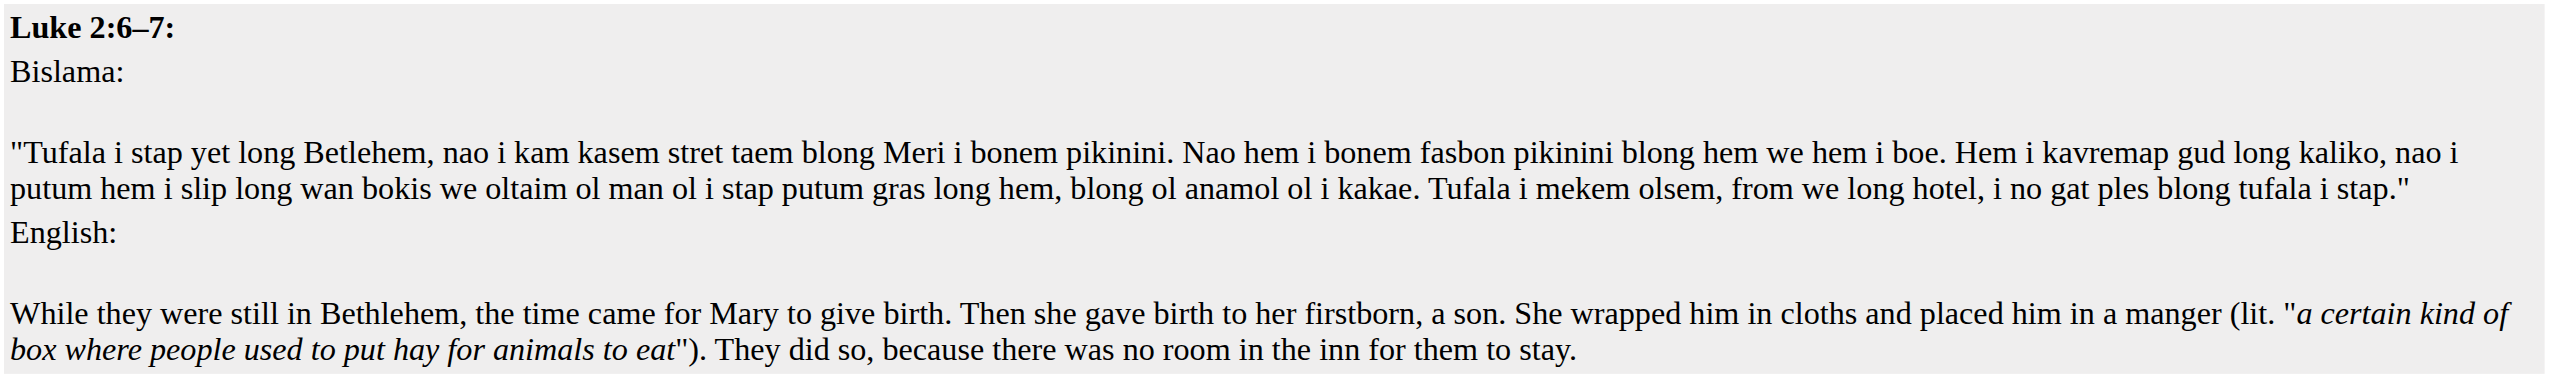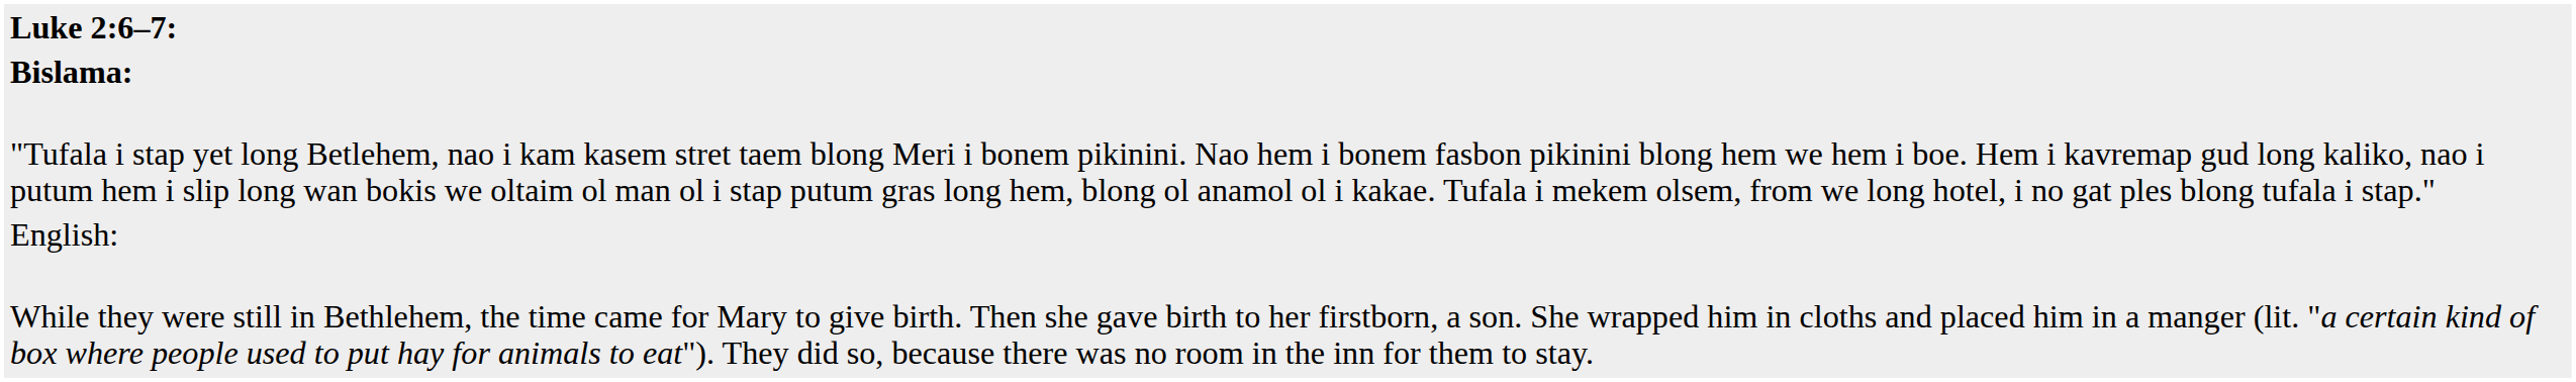 <table bgcolor="#efeeee">
 <tr ---->
 <td><strong>Luke 2:6–7:</strong></td>
 </tr>
 <tr ---->
-<td>Bislama:</td>
+<td><strong>Bislama:</strong></td>
 </tr>
 <tr ---->
 <td><br>"Tufala i stap yet long Betlehem, nao i kam kasem stret taem blong Meri i bonem pikinini. Nao hem i bonem fasbon pikinini blong hem we hem i boe. Hem i kavremap gud long kaliko, nao i putum hem i slip long wan bokis we oltaim ol man ol i stap putum gras long hem, blong ol anamol ol i kakae. Tufala i mekem olsem, from we long hotel, i no gat ples blong tufala i stap."</td>
 </tr>
 <tr ---->
 <td>English:</td>
 </tr>
 <tr ---->
 <td><br>While they were still in Bethlehem, the time came for Mary to give birth. Then she gave birth to her firstborn, a son. She wrapped him in cloths and placed him in a manger (lit. "<em>a certain kind of box where people used to put hay for animals to eat</em>"). They did so, because there was no room in the inn for them to stay.</td>
 </tr>
 </table>
